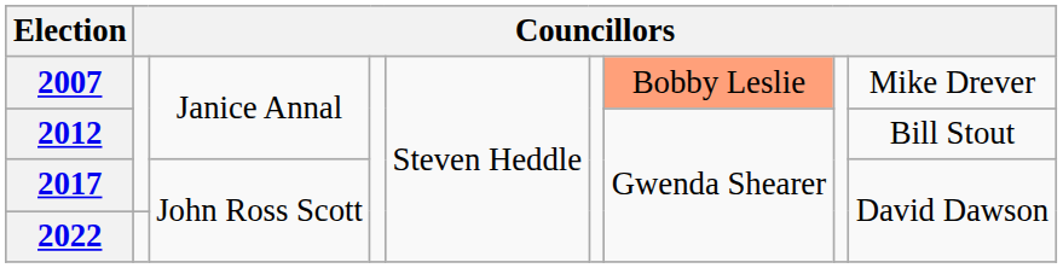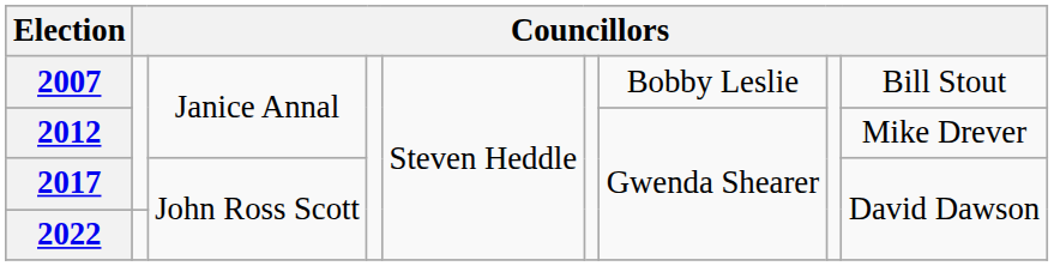 <table class="wikitable" style="text-align:center">
 <tr>
 <th>Election</th>
 <th colspan=8>Councillors</th>
 </tr>
 <tr>
 <th><a href='#'>2007</a></th>
 <td rowspan=3; style="background-color: "></td>
 <td rowspan=2>Janice Annal</td>
 <td rowspan=4; style="background-color: "></td>
 <td rowspan=4>Steven Heddle</td>
 <td rowspan=4; style="background-color: "></td>
-<td rowspan=1 style="background: lightsalmon;">Bobby Leslie</td>
+<td rowspan=1>Bobby Leslie</td>
 <td rowspan=4; style="background-color: "></td>
-<td rowspan=1>Mike Drever</td>
+<td rowspan=1>Bill Stout</td>
 </tr>
 <tr>
 <th><a href='#'>2012</a></th>
 <td rowspan=3>Gwenda Shearer</td>
-<td rowspan=1>Bill Stout</td>
+<td rowspan=1>Mike Drever</td>
 </tr>
 <tr>
 <th><a href='#'>2017</a></th>
 <td rowspan=2>John Ross Scott</td>
 <td rowspan=2>David Dawson</td>
 </tr>
 <tr>
 <th><a href='#'>2022</a></th>
 <td rowspan=1; style="background-color: "></td>
 </tr>
 </table>
